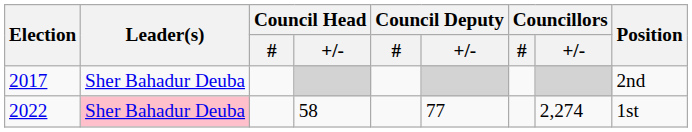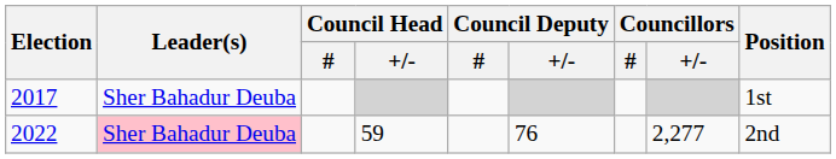 <table class="wikitable">
 <tr>
 <th rowspan="2" style="background-color:">Election</th>
 <th rowspan="2" style="background-color:">Leader(s)</th>
 <th colspan="2" style="background-color:">Council Head</th>
 <th colspan="2" style="background-color:">Council Deputy</th>
 <th colspan="2" style="background-color:">Councillors</th>
 <th rowspan="2" style="background-color:">Position</th>
 </tr>
 <tr>
 <th style="background-color:">#</th>
 <th style="background-color:">+/-</th>
 <th style="background-color:">#</th>
 <th style="background-color:">+/-</th>
 <th style="background-color:">#</th>
 <th style="background-color:">+/-</th>
 </tr>
 <tr>
 <td><a href='#'>2017</a></td>
 <td><a href='#'>Sher Bahadur Deuba</a></td>
 <td></td>
 <td bgcolor="lightgrey"></td>
 <td></td>
 <td bgcolor="lightgrey"></td>
 <td></td>
 <td bgcolor="lightgrey"></td>
-<td>2nd</td>
+<td> 1st</td>
 </tr>
 <tr>
 <td><a href='#'>2022</a></td>
 <td style="background: pink;"><a href='#'>Sher Bahadur Deuba</a></td>
 <td></td>
-<td> 58</td>
+<td> 59</td>
 <td></td>
-<td> 77</td>
+<td> 76</td>
 <td></td>
-<td> 2,274</td>
-<td> 1st</td>
+<td> 2,277</td>
+<td>2nd</td>
 </tr>
 </table>
